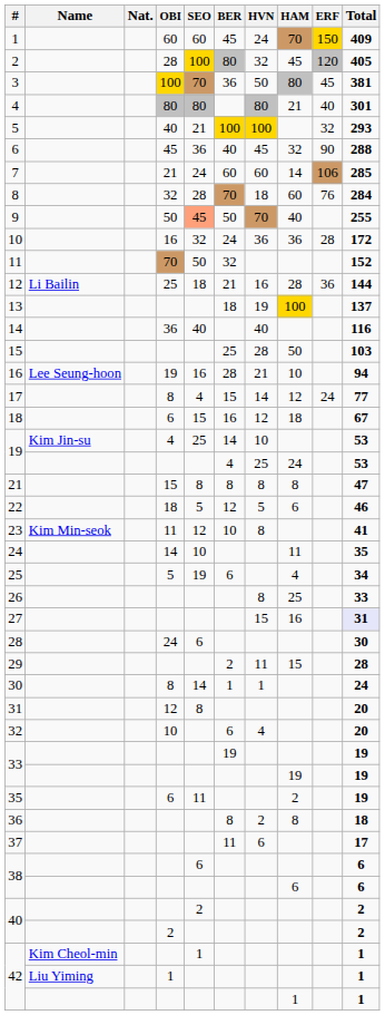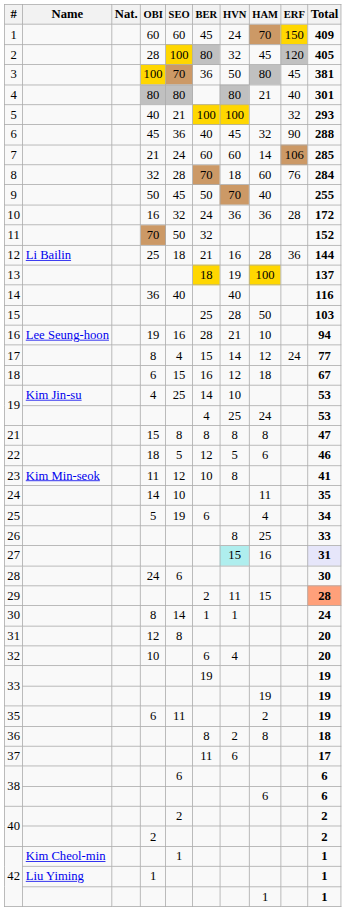 <table class="wikitable sortable" style="text-align:center;">
 <tr>
 <th>#</th>
 <th>Name</th>
 <th>Nat.</th>
 <th><small>OBI</small></th>
 <th><small>SEO</small></th>
 <th><small>BER</small></th>
 <th><small>HVN</small></th>
 <th><small>HAM</small></th>
 <th><small>ERF</small></th>
 <th>Total</th>
 </tr>
 <tr>
 <td>1</td>
 <td align=left></td>
 <td></td>
 <td>60</td>
 <td>60</td>
 <td>45</td>
 <td>24</td>
 <td bgcolor=cc9966>70</td>
 <td bgcolor=gold>150</td>
 <td><strong>409</strong></td>
 </tr>
 <tr>
 <td>2</td>
 <td align=left></td>
 <td></td>
 <td>28</td>
 <td bgcolor=gold>100</td>
 <td bgcolor=silver>80</td>
 <td>32</td>
 <td>45</td>
 <td bgcolor=silver>120</td>
 <td><strong>405</strong></td>
 </tr>
 <tr>
 <td>3</td>
 <td align=left></td>
 <td></td>
 <td bgcolor=gold>100</td>
 <td bgcolor=cc9966>70</td>
 <td>36</td>
 <td>50</td>
 <td bgcolor=silver>80</td>
 <td>45</td>
 <td><strong>381</strong></td>
 </tr>
 <tr>
 <td>4</td>
 <td align=left></td>
 <td></td>
 <td bgcolor=silver>80</td>
 <td bgcolor=silver>80</td>
 <td></td>
 <td bgcolor=silver>80</td>
 <td>21</td>
 <td>40</td>
 <td><strong>301</strong></td>
 </tr>
 <tr>
 <td>5</td>
 <td align=left></td>
 <td></td>
 <td>40</td>
 <td>21</td>
 <td bgcolor=gold>100</td>
 <td bgcolor=gold>100</td>
 <td></td>
 <td>32</td>
 <td><strong>293</strong></td>
 </tr>
 <tr>
 <td>6</td>
 <td align=left></td>
 <td></td>
 <td>45</td>
 <td>36</td>
 <td>40</td>
 <td>45</td>
 <td>32</td>
 <td>90</td>
 <td><strong>288</strong></td>
 </tr>
 <tr>
 <td>7</td>
 <td align=left></td>
 <td></td>
 <td>21</td>
 <td>24</td>
 <td>60</td>
 <td>60</td>
 <td>14</td>
 <td bgcolor=cc9966>106</td>
 <td><strong>285</strong></td>
 </tr>
 <tr>
 <td>8</td>
 <td align=left></td>
 <td></td>
 <td>32</td>
 <td>28</td>
 <td bgcolor=cc9966>70</td>
 <td>18</td>
 <td>60</td>
 <td>76</td>
 <td><strong>284</strong></td>
 </tr>
 <tr>
 <td>9</td>
 <td align=left></td>
 <td></td>
 <td>50</td>
-<td style="background: lightsalmon;">45</td>
+<td>45</td>
 <td>50</td>
 <td bgcolor=cc9966>70</td>
 <td>40</td>
 <td></td>
 <td><strong>255</strong></td>
 </tr>
 <tr>
 <td>10</td>
 <td align=left></td>
 <td></td>
 <td>16</td>
 <td>32</td>
 <td>24</td>
 <td>36</td>
 <td>36</td>
 <td>28</td>
 <td><strong>172</strong></td>
 </tr>
 <tr>
 <td>11</td>
 <td align=left></td>
 <td></td>
 <td bgcolor=cc9966>70</td>
 <td>50</td>
 <td>32</td>
 <td></td>
 <td></td>
 <td></td>
 <td><strong>152</strong></td>
 </tr>
 <tr>
 <td>12</td>
 <td align=left><a href='#'>Li Bailin</a></td>
 <td></td>
 <td>25</td>
 <td>18</td>
 <td>21</td>
 <td>16</td>
 <td>28</td>
 <td>36</td>
 <td><strong>144</strong></td>
 </tr>
 <tr>
 <td>13</td>
 <td align=left></td>
 <td></td>
 <td></td>
 <td></td>
-<td>18</td>
+<td style="background: gold;">18</td>
 <td>19</td>
 <td bgcolor=gold>100</td>
 <td></td>
 <td><strong>137</strong></td>
 </tr>
 <tr>
 <td>14</td>
 <td align=left></td>
 <td></td>
 <td>36</td>
 <td>40</td>
 <td></td>
 <td>40</td>
 <td></td>
 <td></td>
 <td><strong>116</strong></td>
 </tr>
 <tr>
 <td>15</td>
 <td align=left></td>
 <td></td>
 <td></td>
 <td></td>
 <td>25</td>
 <td>28</td>
 <td>50</td>
 <td></td>
 <td><strong>103</strong></td>
 </tr>
 <tr>
 <td>16</td>
 <td align=left><a href='#'>Lee Seung-hoon</a></td>
 <td></td>
 <td>19</td>
 <td>16</td>
 <td>28</td>
 <td>21</td>
 <td>10</td>
 <td></td>
 <td><strong>94</strong></td>
 </tr>
 <tr>
 <td>17</td>
 <td align=left></td>
 <td></td>
 <td>8</td>
 <td>4</td>
 <td>15</td>
 <td>14</td>
 <td>12</td>
 <td>24</td>
 <td><strong>77</strong></td>
 </tr>
 <tr>
 <td>18</td>
 <td align=left></td>
 <td></td>
 <td>6</td>
 <td>15</td>
 <td>16</td>
 <td>12</td>
 <td>18</td>
 <td></td>
 <td><strong>67</strong></td>
 </tr>
 <tr>
 <td rowspan=2>19</td>
 <td align=left><a href='#'>Kim Jin-su</a></td>
 <td></td>
 <td>4</td>
 <td>25</td>
 <td>14</td>
 <td>10</td>
 <td></td>
 <td></td>
 <td><strong>53</strong></td>
 </tr>
 <tr>
 <td align=left></td>
 <td></td>
 <td></td>
 <td></td>
 <td>4</td>
 <td>25</td>
 <td>24</td>
 <td></td>
 <td><strong>53</strong></td>
 </tr>
 <tr>
 <td>21</td>
 <td align=left></td>
 <td></td>
 <td>15</td>
 <td>8</td>
 <td>8</td>
 <td>8</td>
 <td>8</td>
 <td></td>
 <td><strong>47</strong></td>
 </tr>
 <tr>
 <td>22</td>
 <td align=left></td>
 <td></td>
 <td>18</td>
 <td>5</td>
 <td>12</td>
 <td>5</td>
 <td>6</td>
 <td></td>
 <td><strong>46</strong></td>
 </tr>
 <tr>
 <td>23</td>
 <td align=left><a href='#'>Kim Min-seok</a></td>
 <td></td>
 <td>11</td>
 <td>12</td>
 <td>10</td>
 <td>8</td>
 <td></td>
 <td></td>
 <td><strong>41</strong></td>
 </tr>
 <tr>
 <td>24</td>
 <td align=left></td>
 <td></td>
 <td>14</td>
 <td>10</td>
 <td></td>
 <td></td>
 <td>11</td>
 <td></td>
 <td><strong>35</strong></td>
 </tr>
 <tr>
 <td>25</td>
 <td align=left></td>
 <td></td>
 <td>5</td>
 <td>19</td>
 <td>6</td>
 <td></td>
 <td>4</td>
 <td></td>
 <td><strong>34</strong></td>
 </tr>
 <tr>
 <td>26</td>
 <td align=left></td>
 <td></td>
 <td></td>
 <td></td>
 <td></td>
 <td>8</td>
 <td>25</td>
 <td></td>
 <td><strong>33</strong></td>
 </tr>
 <tr>
 <td>27</td>
 <td align=left></td>
 <td></td>
 <td></td>
 <td></td>
 <td></td>
-<td>15</td>
+<td style="background: paleturquoise;">15</td>
 <td>16</td>
 <td></td>
 <td style="background: lavender;"><strong>31</strong></td>
 </tr>
 <tr>
 <td>28</td>
 <td align=left></td>
 <td></td>
 <td>24</td>
 <td>6</td>
 <td></td>
 <td></td>
 <td></td>
 <td></td>
 <td><strong>30</strong></td>
 </tr>
 <tr>
 <td>29</td>
 <td align=left></td>
 <td></td>
 <td></td>
 <td></td>
 <td>2</td>
 <td>11</td>
 <td>15</td>
 <td></td>
-<td><strong>28</strong></td>
+<td style="background: lightsalmon;"><strong>28</strong></td>
 </tr>
 <tr>
 <td>30</td>
 <td align=left></td>
 <td></td>
 <td>8</td>
 <td>14</td>
 <td>1</td>
 <td>1</td>
 <td></td>
 <td></td>
 <td><strong>24</strong></td>
 </tr>
 <tr>
 <td>31</td>
 <td align=left></td>
 <td></td>
 <td>12</td>
 <td>8</td>
 <td></td>
 <td></td>
 <td></td>
 <td></td>
 <td><strong>20</strong></td>
 </tr>
 <tr>
 <td>32</td>
 <td align=left></td>
 <td></td>
 <td>10</td>
 <td></td>
 <td>6</td>
 <td>4</td>
 <td></td>
 <td></td>
 <td><strong>20</strong></td>
 </tr>
 <tr>
 <td rowspan=2>33</td>
 <td align=left></td>
 <td></td>
 <td></td>
 <td></td>
 <td>19</td>
 <td></td>
 <td></td>
 <td></td>
 <td><strong>19</strong></td>
 </tr>
 <tr>
 <td align=left></td>
 <td></td>
 <td></td>
 <td></td>
 <td></td>
 <td></td>
 <td>19</td>
 <td></td>
 <td><strong>19</strong></td>
 </tr>
 <tr>
 <td>35</td>
 <td align=left></td>
 <td></td>
 <td>6</td>
 <td>11</td>
 <td></td>
 <td></td>
 <td>2</td>
 <td></td>
 <td><strong>19</strong></td>
 </tr>
 <tr>
 <td>36</td>
 <td align=left></td>
 <td></td>
 <td></td>
 <td></td>
 <td>8</td>
 <td>2</td>
 <td>8</td>
 <td></td>
 <td><strong>18</strong></td>
 </tr>
 <tr>
 <td>37</td>
 <td align=left></td>
 <td></td>
 <td></td>
 <td></td>
 <td>11</td>
 <td>6</td>
 <td></td>
 <td></td>
 <td><strong>17</strong></td>
 </tr>
 <tr>
 <td rowspan=2>38</td>
 <td align=left></td>
 <td></td>
 <td></td>
 <td>6</td>
 <td></td>
 <td></td>
 <td></td>
 <td></td>
 <td><strong>6</strong></td>
 </tr>
 <tr>
 <td align=left></td>
 <td></td>
 <td></td>
 <td></td>
 <td></td>
 <td></td>
 <td>6</td>
 <td></td>
 <td><strong>6</strong></td>
 </tr>
 <tr>
 <td rowspan=2>40</td>
 <td align=left></td>
 <td></td>
 <td></td>
 <td>2</td>
 <td></td>
 <td></td>
 <td></td>
 <td></td>
 <td><strong>2</strong></td>
 </tr>
 <tr>
 <td align=left></td>
 <td></td>
 <td>2</td>
 <td></td>
 <td></td>
 <td></td>
 <td></td>
 <td></td>
 <td><strong>2</strong></td>
 </tr>
 <tr>
 <td rowspan=3>42</td>
 <td align=left><a href='#'>Kim Cheol-min</a></td>
 <td></td>
 <td></td>
 <td>1</td>
 <td></td>
 <td></td>
 <td></td>
 <td></td>
 <td><strong>1</strong></td>
 </tr>
 <tr>
 <td align=left><a href='#'>Liu Yiming</a></td>
 <td></td>
 <td>1</td>
 <td></td>
 <td></td>
 <td></td>
 <td></td>
 <td></td>
 <td><strong>1</strong></td>
 </tr>
 <tr>
 <td align=left></td>
 <td></td>
 <td></td>
 <td></td>
 <td></td>
 <td></td>
 <td>1</td>
 <td></td>
 <td><strong>1</strong></td>
 </tr>
 </table>
